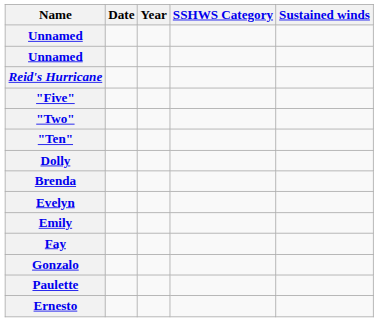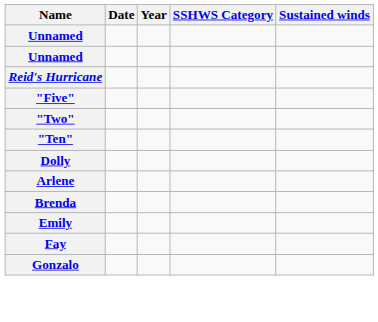 <table class="wikitable sortable plainrowheaders" style="margin: auto;">
 <tr>
 <th scope="col">Name</th>
 <th scope="col">Date</th>
 <th scope="col">Year</th>
 <th scope="col"><a href='#'>SSHWS Category</a></th>
 <th scope="col"><a href='#'>Sustained winds</a></th>
 </tr>
 <tr>
 <th scope="row"><a href='#'>Unnamed</a></th>
 <td style="text-align:center;"></td>
 <td style="text-align:center;"></td>
 <td></td>
 <td></td>
 </tr>
 <tr>
 <th scope="row"><a href='#'>Unnamed</a></th>
 <td style="text-align:center;"></td>
 <td style="text-align:center;"></td>
 <td></td>
 <td></td>
 </tr>
 <tr>
 <th scope="row"><em><a href='#'>Reid's Hurricane</a></em></th>
 <td style="text-align:center;"></td>
 <td style="text-align:center;"></td>
 <td></td>
 <td></td>
 </tr>
 <tr>
 <th scope="row"><a href='#'>"Five"</a></th>
 <td style="text-align:center;"></td>
 <td style="text-align:center;"></td>
 <td></td>
 <td align="right"></td>
 </tr>
 <tr>
 <th scope="row"><a href='#'>"Two"</a></th>
 <td style="text-align:center;"></td>
 <td style="text-align:center;"></td>
 <td></td>
 <td align="right"></td>
 </tr>
 <tr>
 <th scope="row"><a href='#'>"Ten"</a></th>
 <td style="text-align:center;"></td>
 <td style="text-align:center;"></td>
 <td></td>
 <td align="right"></td>
 </tr>
 <tr>
 <th scope="row"><a href='#'>Dolly</a></th>
 <td style="text-align:center;"></td>
 <td style="text-align:center;"></td>
 <td></td>
 <td align="right"></td>
 </tr>
 <tr>
-<th scope="row"><a href='#'>Brenda</a></th>
+<th scope="row"><a href='#'>Arlene</a></th>
 <td style="text-align:center;"></td>
 <td style="text-align:center;"></td>
 <td></td>
 <td align="right"></td>
 </tr>
 <tr>
-<th scope="row"><a href='#'>Evelyn</a></th>
+<th scope="row"><a href='#'>Brenda</a></th>
 <td style="text-align:center;"></td>
 <td style="text-align:center;"></td>
 <td></td>
 <td align="right"></td>
 </tr>
 <tr>
 <th scope="row"><a href='#'>Emily</a></th>
 <td style="text-align:center;"></td>
 <td style="text-align:center;"></td>
 <td></td>
 <td align="right"></td>
 </tr>
 <tr>
 <th scope="row"><a href='#'>Fay</a></th>
 <td style="text-align:center;"></td>
 <td style="text-align:center;"></td>
 <td></td>
 <td align="right"></td>
 </tr>
 <tr>
 <th scope="row"><a href='#'>Gonzalo</a></th>
 <td style="text-align:center;"></td>
 <td style="text-align:center;"></td>
 <td></td>
 <td align="right"></td>
 </tr>
-<tr>
-<th scope="row"><a href='#'>Paulette</a></th>
-<td style="text-align:center;"></td>
-<td style="text-align:center;"></td>
-<td></td>
-<td align="right"></td>
-</tr>
-<tr>
-<th scope="row"><a href='#'>Ernesto</a></th>
-<td style="text-align:center;"></td>
-<td style="text-align:center;"></td>
-<td></td>
-<td align="right"></td>
-</tr>
 </table>
